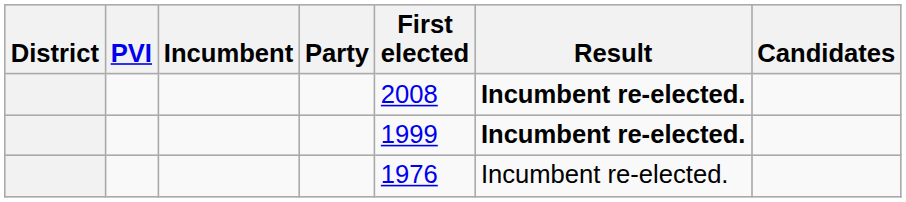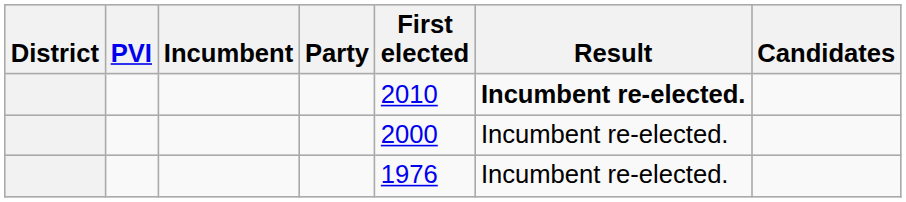 <table class="wikitable sortable">
 <tr valign=bottom>
 <th>District</th>
 <th><a href='#'>PVI</a></th>
 <th>Incumbent</th>
 <th>Party</th>
 <th>First<br>elected</th>
 <th>Result</th>
 <th>Candidates</th>
 </tr>
 <tr>
 <th></th>
 <td></td>
 <td></td>
 <td></td>
-<td><a href='#'>2008</a></td>
+<td><a href='#'>2010</a></td>
 <td><strong>Incumbent re-elected.</strong></td>
 <td nowrap></td>
 </tr>
 <tr>
 <th></th>
 <td></td>
 <td></td>
 <td></td>
-<td><a href='#'>1999</a></td>
-<td><strong>Incumbent re-elected.</strong></td>
+<td><a href='#'>2000</a></td>
+<td>Incumbent re-elected.</td>
 <td nowrap></td>
 </tr>
 <tr>
 <th></th>
 <td></td>
 <td></td>
 <td></td>
 <td><a href='#'>1976</a></td>
 <td>Incumbent re-elected.</td>
 <td nowrap></td>
 </tr>
 </table>
